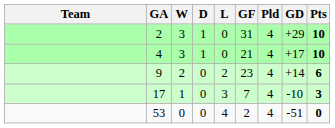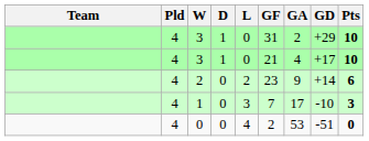 <table class=wikitable style="text-align:center">
 <tr>
 <th width=175>Team</th>
-<th width=20>GA</th>
+<th width=20>Pld</th>
 <th width=20>W</th>
 <th width=20>D</th>
 <th width=20>L</th>
 <th width=20>GF</th>
-<th width=20>Pld</th>
+<th width=20>GA</th>
 <th width=20>GD</th>
 <th width=20>Pts</th>
 </tr>
 <tr style="background:#AAFFAA;">
 <td align=left></td>
-<td>2</td>
+<td>4</td>
 <td>3</td>
 <td>1</td>
 <td>0</td>
 <td>31</td>
-<td>4</td>
+<td>2</td>
 <td>+29</td>
 <td><strong>10</strong></td>
 </tr>
 <tr style="background:#AAFFAA;">
 <td align=left></td>
 <td>4</td>
 <td>3</td>
 <td>1</td>
 <td>0</td>
 <td>21</td>
 <td>4</td>
 <td>+17</td>
 <td><strong>10</strong></td>
 </tr>
 <tr style="background:#ccffcc;">
 <td align=left></td>
-<td>9</td>
+<td>4</td>
 <td>2</td>
 <td>0</td>
 <td>2</td>
 <td>23</td>
-<td>4</td>
+<td>9</td>
 <td>+14</td>
 <td><strong>6</strong></td>
 </tr>
 <tr style="background:#ccffcc;">
 <td align=left></td>
-<td>17</td>
+<td>4</td>
 <td>1</td>
 <td>0</td>
 <td>3</td>
 <td>7</td>
-<td>4</td>
+<td>17</td>
 <td>-10</td>
 <td><strong>3</strong></td>
 </tr>
 <tr>
 <td align=left></td>
-<td>53</td>
+<td>4</td>
 <td>0</td>
 <td>0</td>
 <td>4</td>
 <td>2</td>
-<td>4</td>
+<td>53</td>
 <td>-51</td>
 <td><strong>0</strong></td>
 </tr>
 </table>
